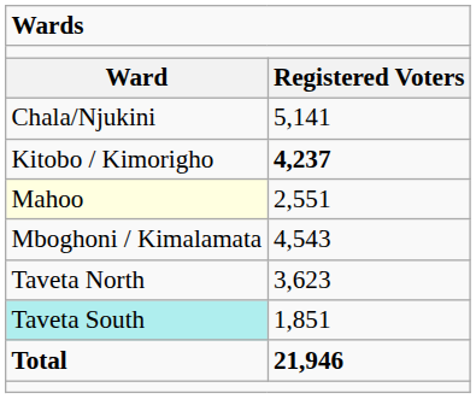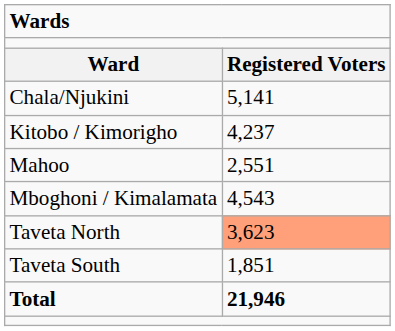 <table class="wikitable">
 <tr>
 <td colspan="2"><strong>Wards</strong></td>
 </tr>
 <tr>
 <td colspan="2"></td>
 </tr>
 <tr>
 <th>Ward</th>
 <th>Registered Voters</th>
 </tr>
 <tr>
 <td>Chala/Njukini</td>
 <td>5,141</td>
 </tr>
 <tr>
 <td>Kitobo / Kimorigho</td>
-<td><strong>4,237</strong></td>
+<td>4,237</td>
 </tr>
 <tr>
-<td style="background: lightyellow;">Mahoo</td>
+<td>Mahoo</td>
 <td>2,551</td>
 </tr>
 <tr>
 <td>Mboghoni / Kimalamata</td>
 <td>4,543</td>
 </tr>
 <tr>
 <td>Taveta North</td>
-<td>3,623</td>
+<td style="background: lightsalmon;">3,623</td>
 </tr>
 <tr>
-<td style="background: paleturquoise;">Taveta South</td>
+<td>Taveta South</td>
 <td>1,851</td>
 </tr>
 <tr>
 <td><strong>Total</strong></td>
 <td><strong>21,946</strong></td>
 </tr>
 <tr>
 <td colspan="2"></td>
 </tr>
 </table>
